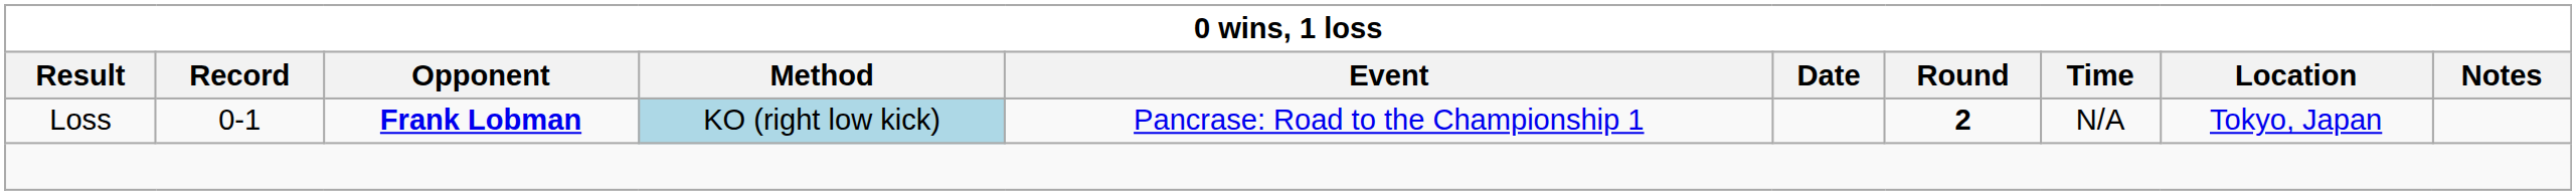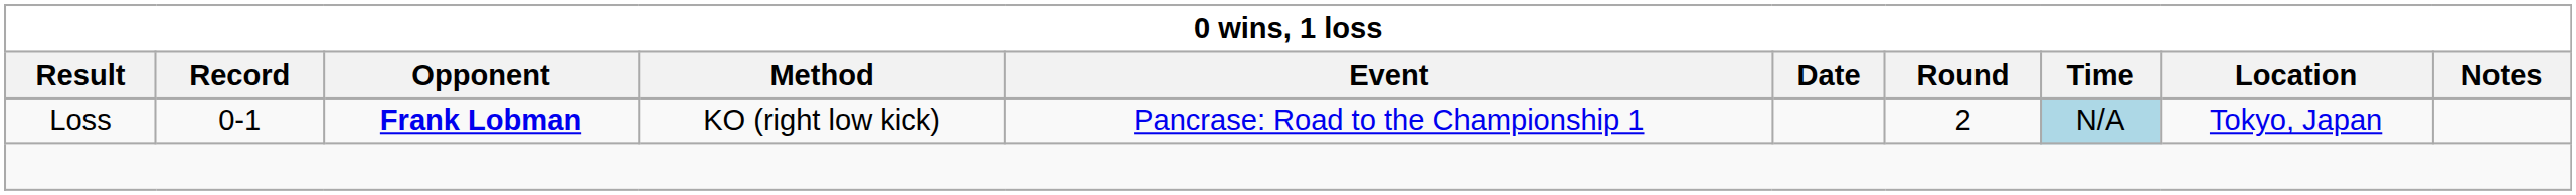 <table style="font-size:90%; text-align:center; width:100%;" class="wikitable sortable mw-collapsible">
 <tr>
 <th colspan=10 style="background:white;"><strong>0 wins, 1 loss</strong></th>
 </tr>
 <tr>
 <th>Result</th>
 <th>Record</th>
 <th>Opponent</th>
 <th>Method</th>
 <th>Event</th>
 <th>Date</th>
 <th>Round</th>
 <th>Time</th>
 <th>Location</th>
 <th>Notes</th>
 </tr>
 <tr>
 <td>Loss</td>
 <td>0-1</td>
 <td><strong><a href='#'>Frank Lobman</a></strong></td>
-<td style="background: lightblue;">KO (right low kick)</td>
+<td>KO (right low kick)</td>
 <td><a href='#'>Pancrase: Road to the Championship 1</a></td>
 <td></td>
-<td style="text-align:center;"><strong>2</strong></td>
-<td style="text-align:center;">N/A</td>
+<td style="text-align:center;">2</td>
+<td style="background: lightblue; text-align:center;">N/A</td>
 <td><a href='#'>Tokyo, Japan</a></td>
 <td></td>
 </tr>
 <tr>
 <td colspan=10><br></td>
 </tr>
 </table>
